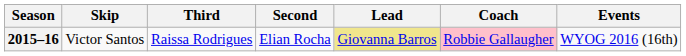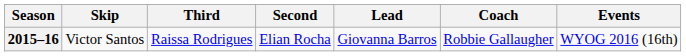 <table class="wikitable">
 <tr>
 <th scope="col">Season</th>
 <th scope="col">Skip</th>
 <th scope="col">Third</th>
 <th scope="col">Second</th>
 <th scope="col">Lead</th>
 <th scope="col">Coach</th>
 <th scope="col">Events</th>
 </tr>
 <tr>
 <th scope="row" rowspan="2">2015–16</th>
 <td>Victor Santos</td>
 <td><a href='#'>Raissa Rodrigues</a></td>
 <td><a href='#'>Elian Rocha</a></td>
-<td style="background: khaki;"><a href='#'>Giovanna Barros</a></td>
-<td style="background: pink;"><a href='#'>Robbie Gallaugher</a></td>
+<td><a href='#'>Giovanna Barros</a></td>
+<td><a href='#'>Robbie Gallaugher</a></td>
 <td><a href='#'>WYOG 2016</a> (16th)</td>
 </tr>
 </table>
